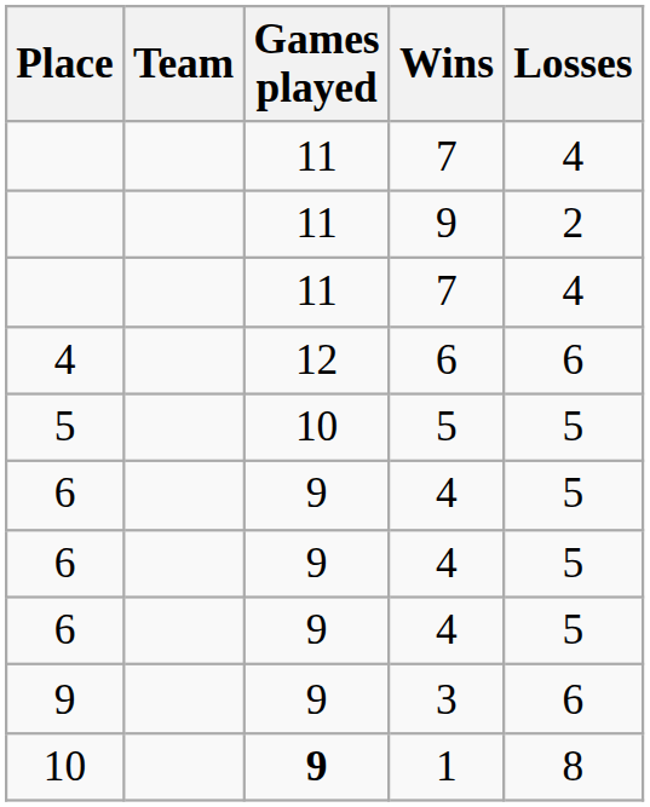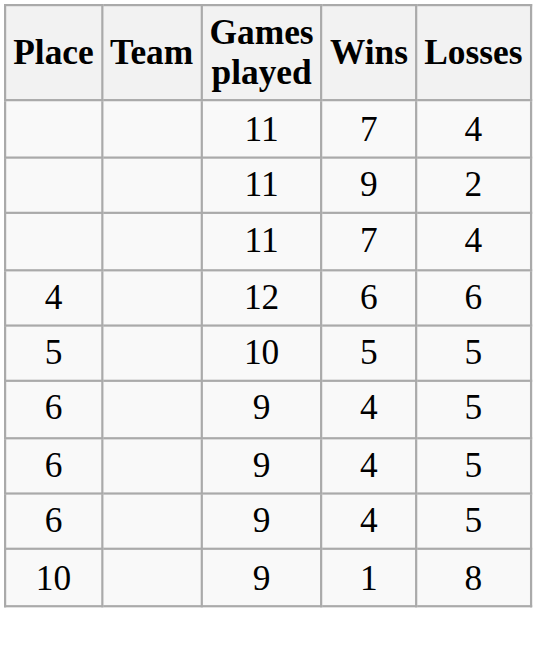 <table class="wikitable" style="text-align:center;">
 <tr>
 <th>Place</th>
 <th>Team</th>
 <th>Games<br>played</th>
 <th>Wins</th>
 <th>Losses</th>
 </tr>
 <tr>
 <td></td>
 <td align=left></td>
 <td>11</td>
 <td>7</td>
 <td>4</td>
 </tr>
 <tr>
 <td></td>
 <td align=left></td>
 <td>11</td>
 <td>9</td>
 <td>2</td>
 </tr>
 <tr>
 <td></td>
 <td align=left></td>
 <td>11</td>
 <td>7</td>
 <td>4</td>
 </tr>
 <tr>
 <td>4</td>
 <td align=left></td>
 <td>12</td>
 <td>6</td>
 <td>6</td>
 </tr>
 <tr>
 <td>5</td>
 <td align=left></td>
 <td>10</td>
 <td>5</td>
 <td>5</td>
 </tr>
 <tr>
 <td>6</td>
 <td align=left></td>
 <td>9</td>
 <td>4</td>
 <td>5</td>
 </tr>
 <tr>
 <td>6</td>
 <td align=left></td>
 <td>9</td>
 <td>4</td>
 <td>5</td>
 </tr>
 <tr>
 <td>6</td>
 <td align=left></td>
 <td>9</td>
 <td>4</td>
 <td>5</td>
 </tr>
 <tr>
-<td>9</td>
+<td>10</td>
 <td align=left></td>
 <td>9</td>
-<td>3</td>
-<td>6</td>
-</tr>
-<tr>
-<td>10</td>
-<td align=left></td>
-<td><strong>9</strong></td>
 <td>1</td>
 <td>8</td>
 </tr>
 </table>
